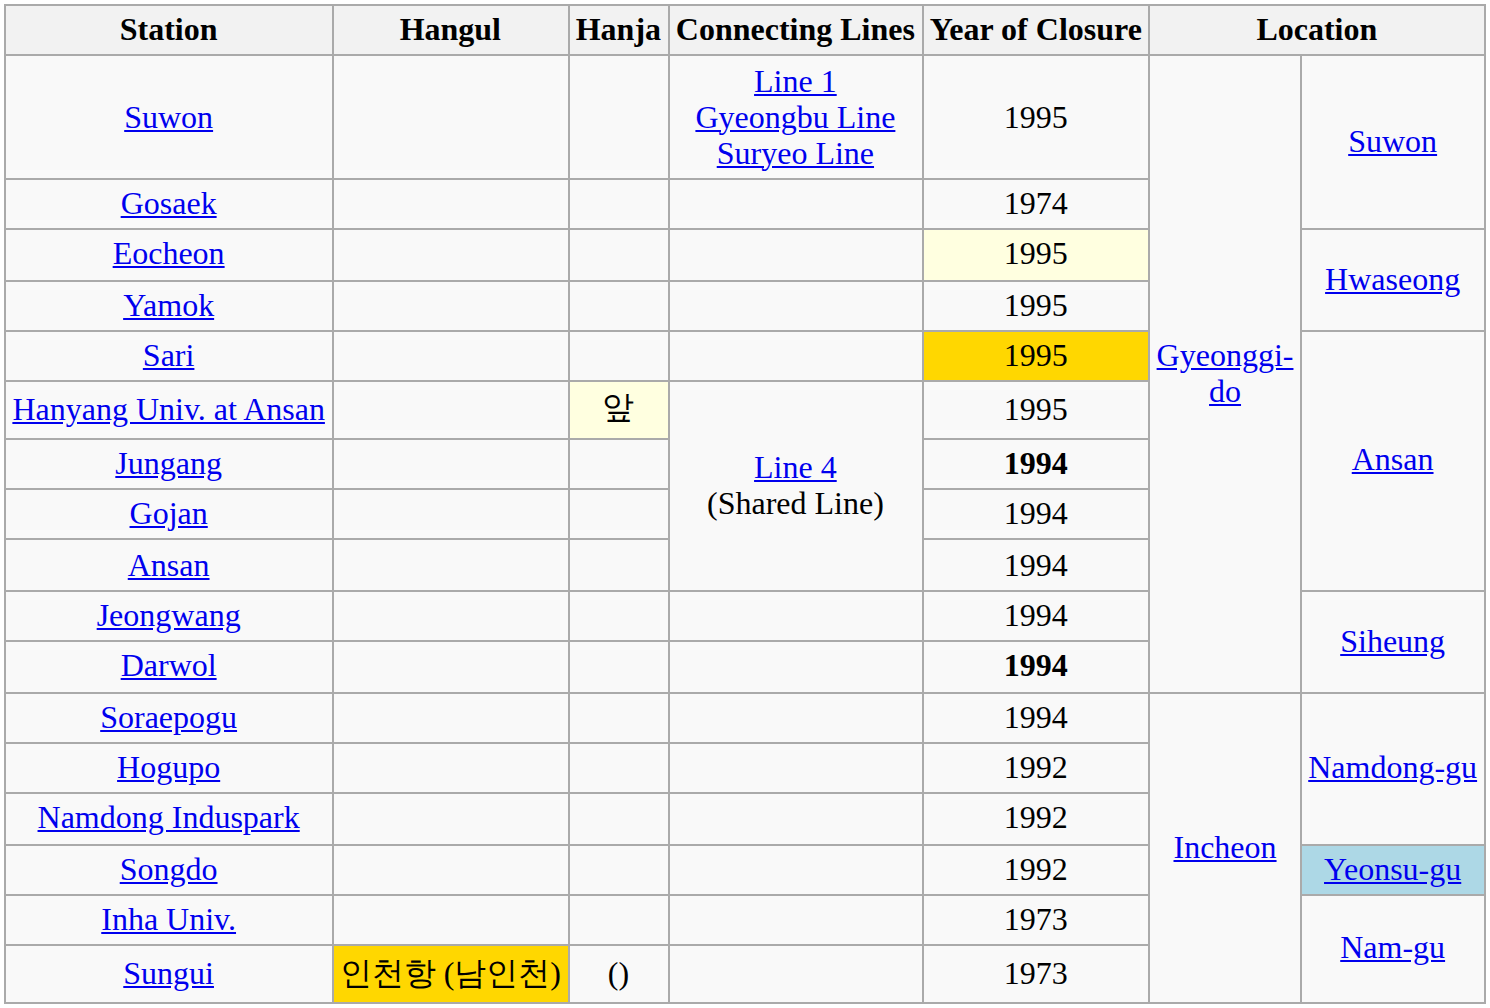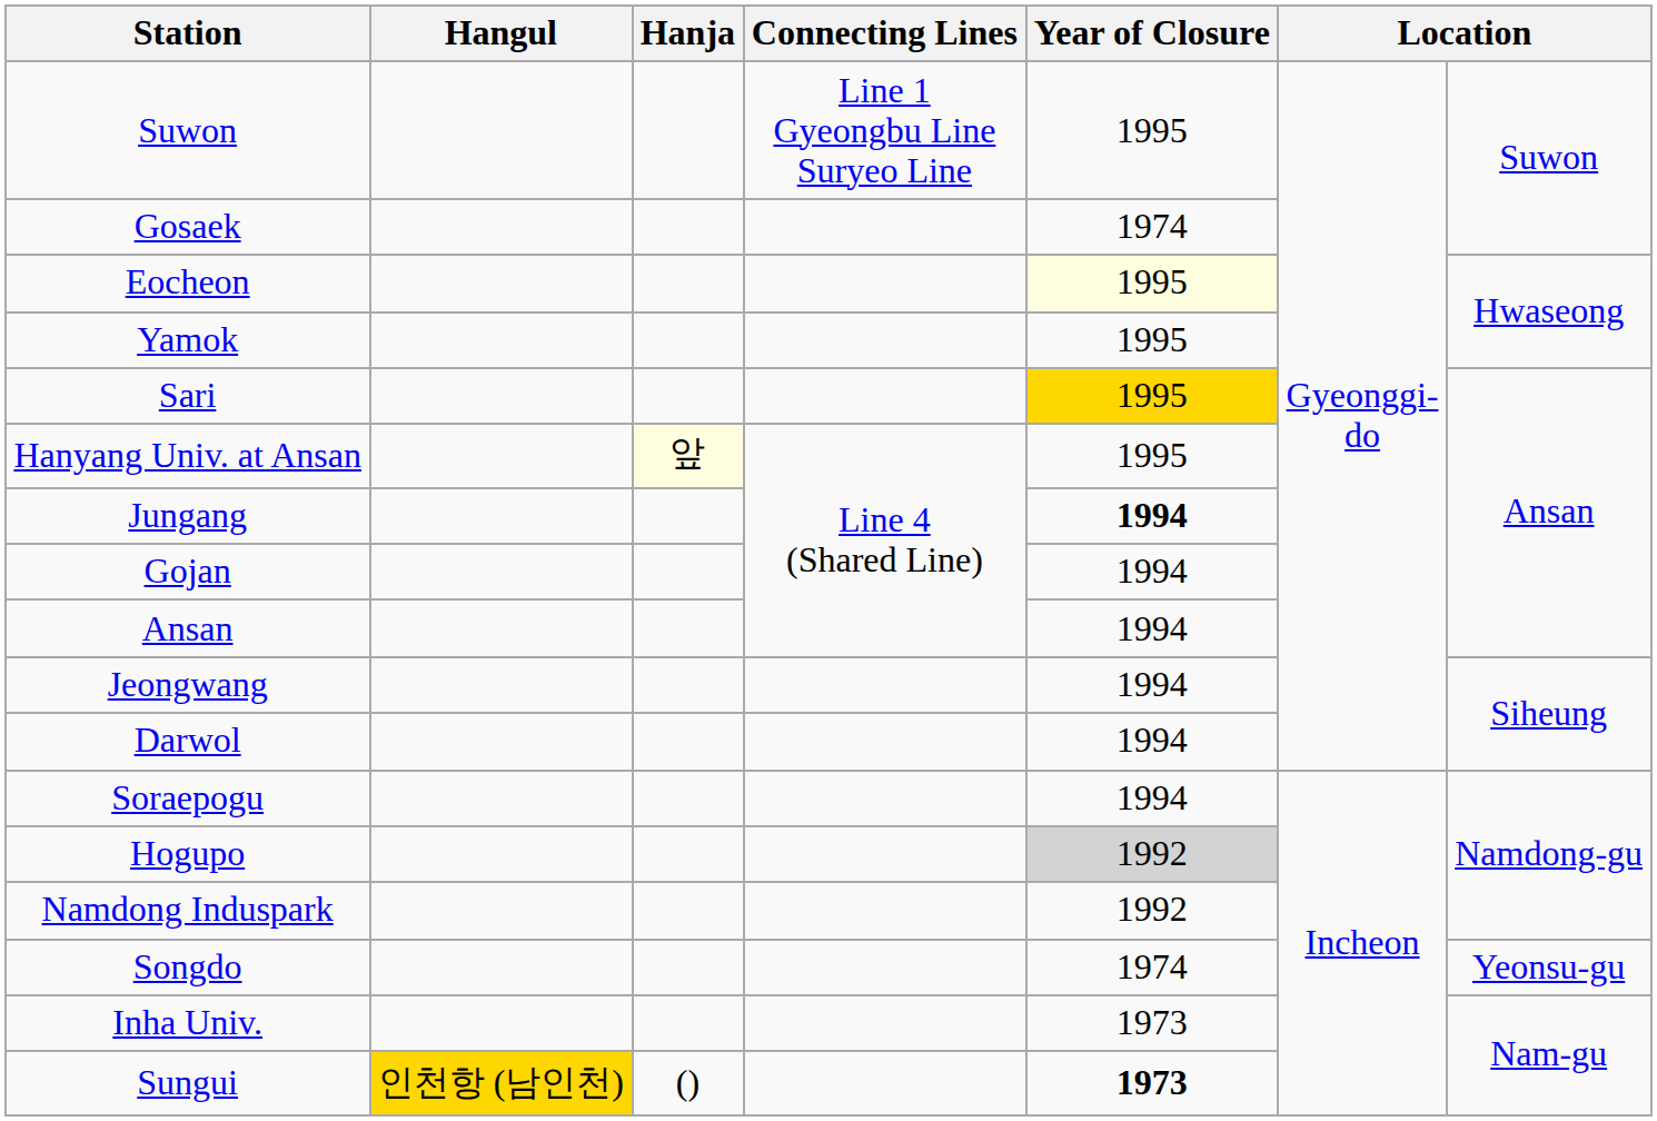 <table class="wikitable" style="text-align:center;">
 <tr style="border-bottom:">
 <th>Station</th>
 <th>Hangul</th>
 <th>Hanja</th>
 <th>Connecting Lines</th>
 <th>Year of Closure</th>
 <th colspan="2">Location</th>
 </tr>
 <tr>
 <td><a href='#'>Suwon</a></td>
 <td></td>
 <td></td>
 <td><a href='#'>Line 1</a><br><a href='#'>Gyeongbu Line</a><br><a href='#'>Suryeo Line</a></td>
 <td>1995</td>
 <td rowspan="11" style="width:1.2em;"><a href='#'>Gyeonggi-do</a></td>
 <td rowspan="2"><a href='#'>Suwon</a></td>
 </tr>
 <tr>
 <td><a href='#'>Gosaek</a></td>
 <td></td>
 <td></td>
 <td></td>
 <td>1974</td>
 </tr>
 <tr>
 <td><a href='#'>Eocheon</a></td>
 <td></td>
 <td></td>
 <td></td>
 <td style="background: lightyellow;">1995</td>
 <td rowspan="2"><a href='#'>Hwaseong</a></td>
 </tr>
 <tr>
 <td><a href='#'>Yamok</a></td>
 <td></td>
 <td></td>
 <td></td>
 <td>1995</td>
 </tr>
 <tr>
 <td><a href='#'>Sari</a></td>
 <td></td>
 <td></td>
 <td></td>
 <td style="background: gold;">1995</td>
 <td rowspan="5"><a href='#'>Ansan</a></td>
 </tr>
 <tr>
 <td><a href='#'>Hanyang Univ. at Ansan</a></td>
 <td></td>
 <td style="background: lightyellow;">앞</td>
 <td rowspan="4"><a href='#'>Line 4</a><br>(Shared Line)</td>
 <td>1995</td>
 </tr>
 <tr>
 <td><a href='#'>Jungang</a></td>
 <td></td>
 <td></td>
 <td><strong>1994</strong></td>
 </tr>
 <tr>
 <td><a href='#'>Gojan</a></td>
 <td></td>
 <td></td>
 <td>1994</td>
 </tr>
 <tr>
 <td><a href='#'>Ansan</a></td>
 <td></td>
 <td></td>
 <td>1994</td>
 </tr>
 <tr>
 <td><a href='#'>Jeongwang</a></td>
 <td></td>
 <td></td>
 <td></td>
 <td>1994</td>
 <td rowspan="2"><a href='#'>Siheung</a></td>
 </tr>
 <tr>
 <td><a href='#'>Darwol</a></td>
 <td></td>
 <td></td>
 <td></td>
-<td><strong>1994</strong></td>
+<td>1994</td>
 </tr>
 <tr>
 <td><a href='#'>Soraepogu</a></td>
 <td></td>
 <td></td>
 <td></td>
 <td>1994</td>
 <td rowspan="6" style="width:1.2em;"><a href='#'>Incheon</a></td>
 <td rowspan="3"><a href='#'>Namdong-gu</a></td>
 </tr>
 <tr>
 <td><a href='#'>Hogupo</a></td>
 <td></td>
 <td></td>
 <td></td>
-<td>1992</td>
+<td style="background: lightgrey;">1992</td>
 </tr>
 <tr>
 <td><a href='#'>Namdong Induspark</a></td>
 <td></td>
 <td></td>
 <td></td>
 <td>1992</td>
 </tr>
 <tr>
 <td><a href='#'>Songdo</a></td>
 <td></td>
 <td></td>
 <td></td>
-<td>1992</td>
-<td style="background: lightblue;"><a href='#'>Yeonsu-gu</a></td>
+<td>1974</td>
+<td><a href='#'>Yeonsu-gu</a></td>
 </tr>
 <tr>
 <td><a href='#'>Inha Univ.</a></td>
 <td></td>
 <td></td>
 <td></td>
 <td>1973</td>
 <td rowspan="2"><a href='#'>Nam-gu</a></td>
 </tr>
 <tr>
 <td><a href='#'>Sungui</a></td>
 <td style="background: gold;">인천항 (남인천)</td>
 <td> ()</td>
 <td></td>
-<td>1973</td>
+<td><strong>1973</strong></td>
 </tr>
 </table>
